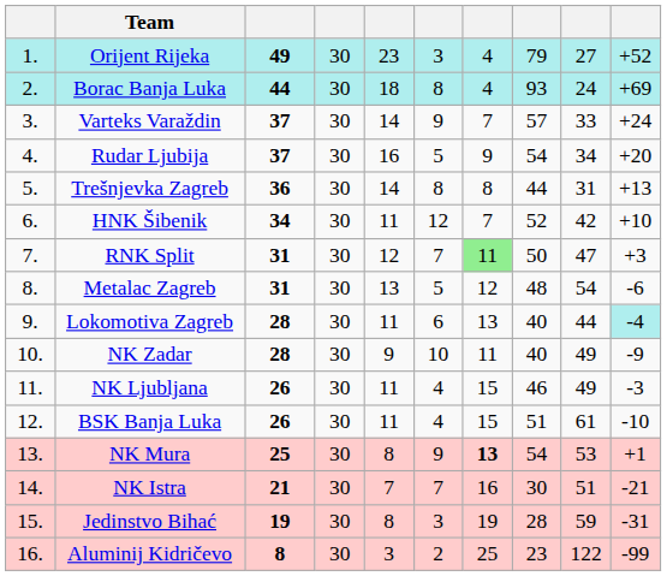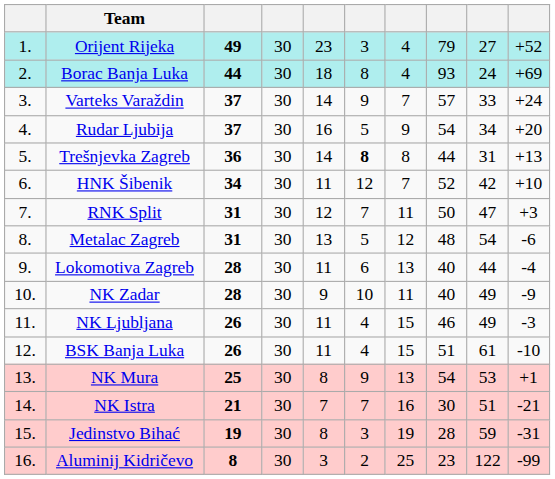 <table class="wikitable sortable" style="text-align: center; font-size: 100%;">
 <tr>
 <th width=7%></th>
 <th width=27%>Team</th>
 <th width=10%></th>
 <th width=7%></th>
 <th width=7%></th>
 <th width=7%></th>
 <th width=7%></th>
 <th width=7%></th>
 <th width=7%></th>
 <th width=7%></th>
 </tr>
 <tr style="background:#AFEEEE;">
 <td>1.</td>
 <td><a href='#'>Orijent Rijeka</a></td>
 <td><strong>49</strong></td>
 <td>30</td>
 <td>23</td>
 <td>3</td>
 <td>4</td>
 <td>79</td>
 <td>27</td>
 <td>+52</td>
 </tr>
 <tr style="background:#AFEEEE;">
 <td>2.</td>
 <td><a href='#'>Borac Banja Luka</a></td>
 <td><strong>44</strong></td>
 <td>30</td>
 <td>18</td>
 <td>8</td>
 <td>4</td>
 <td>93</td>
 <td>24</td>
 <td>+69</td>
 </tr>
 <tr>
 <td>3.</td>
 <td><a href='#'>Varteks Varaždin</a></td>
 <td><strong>37</strong></td>
 <td>30</td>
 <td>14</td>
 <td>9</td>
 <td>7</td>
 <td>57</td>
 <td>33</td>
 <td>+24</td>
 </tr>
 <tr>
 <td>4.</td>
 <td><a href='#'>Rudar Ljubija</a></td>
 <td><strong>37</strong></td>
 <td>30</td>
 <td>16</td>
 <td>5</td>
 <td>9</td>
 <td>54</td>
 <td>34</td>
 <td>+20</td>
 </tr>
 <tr>
 <td>5.</td>
 <td><a href='#'>Trešnjevka Zagreb</a></td>
 <td><strong>36</strong></td>
 <td>30</td>
 <td>14</td>
-<td>8</td>
+<td><strong>8</strong></td>
 <td>8</td>
 <td>44</td>
 <td>31</td>
 <td>+13</td>
 </tr>
 <tr>
 <td>6.</td>
 <td><a href='#'>HNK Šibenik</a></td>
 <td><strong>34</strong></td>
 <td>30</td>
 <td>11</td>
 <td>12</td>
 <td>7</td>
 <td>52</td>
 <td>42</td>
 <td>+10</td>
 </tr>
 <tr>
 <td>7.</td>
 <td><a href='#'>RNK Split</a></td>
 <td><strong>31</strong></td>
 <td>30</td>
 <td>12</td>
 <td>7</td>
-<td style="background: lightgreen;">11</td>
+<td>11</td>
 <td>50</td>
 <td>47</td>
 <td>+3</td>
 </tr>
 <tr>
 <td>8.</td>
 <td><a href='#'>Metalac Zagreb</a></td>
 <td><strong>31</strong></td>
 <td>30</td>
 <td>13</td>
 <td>5</td>
 <td>12</td>
 <td>48</td>
 <td>54</td>
 <td>-6</td>
 </tr>
 <tr>
 <td>9.</td>
 <td><a href='#'>Lokomotiva Zagreb</a></td>
 <td><strong>28</strong></td>
 <td>30</td>
 <td>11</td>
 <td>6</td>
 <td>13</td>
 <td>40</td>
 <td>44</td>
-<td style="background: paleturquoise;">-4</td>
+<td>-4</td>
 </tr>
 <tr>
 <td>10.</td>
 <td><a href='#'>NK Zadar</a></td>
 <td><strong>28</strong></td>
 <td>30</td>
 <td>9</td>
 <td>10</td>
 <td>11</td>
 <td>40</td>
 <td>49</td>
 <td>-9</td>
 </tr>
 <tr>
 <td>11.</td>
 <td><a href='#'>NK Ljubljana</a></td>
 <td><strong>26</strong></td>
 <td>30</td>
 <td>11</td>
 <td>4</td>
 <td>15</td>
 <td>46</td>
 <td>49</td>
 <td>-3</td>
 </tr>
 <tr>
 <td>12.</td>
 <td><a href='#'>BSK Banja Luka</a></td>
 <td><strong>26</strong></td>
 <td>30</td>
 <td>11</td>
 <td>4</td>
 <td>15</td>
 <td>51</td>
 <td>61</td>
 <td>-10</td>
 </tr>
 <tr style="background-color:#FFCCCC;">
 <td>13.</td>
 <td><a href='#'>NK Mura</a></td>
 <td><strong>25</strong></td>
 <td>30</td>
 <td>8</td>
 <td>9</td>
-<td><strong>13</strong></td>
+<td>13</td>
 <td>54</td>
 <td>53</td>
 <td>+1</td>
 </tr>
 <tr style="background-color:#FFCCCC;">
 <td>14.</td>
 <td><a href='#'>NK Istra</a></td>
 <td><strong>21</strong></td>
 <td>30</td>
 <td>7</td>
 <td>7</td>
 <td>16</td>
 <td>30</td>
 <td>51</td>
 <td>-21</td>
 </tr>
 <tr style="background-color:#FFCCCC;">
 <td>15.</td>
 <td><a href='#'>Jedinstvo Bihać</a></td>
 <td><strong>19</strong></td>
 <td>30</td>
 <td>8</td>
 <td>3</td>
 <td>19</td>
 <td>28</td>
 <td>59</td>
 <td>-31</td>
 </tr>
 <tr style="background-color:#FFCCCC;">
 <td>16.</td>
 <td><a href='#'>Aluminij Kidričevo</a></td>
 <td><strong>8</strong></td>
 <td>30</td>
 <td>3</td>
 <td>2</td>
 <td>25</td>
 <td>23</td>
 <td>122</td>
 <td>-99</td>
 </tr>
 </table>
